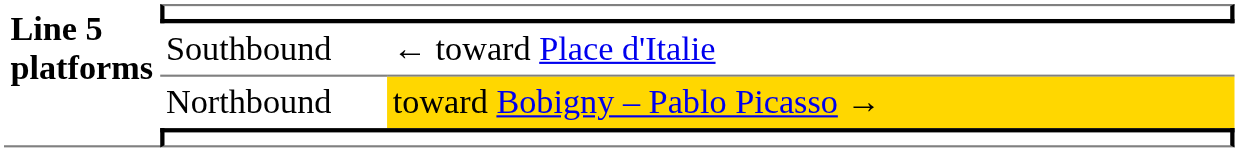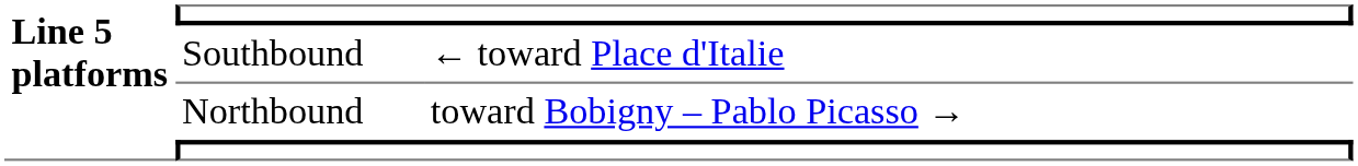 <table border=0 cellspacing=0 cellpadding=3>
 <tr>
 <td style="border-bottom:solid 1px gray;" width=50 rowspan=10 valign=top><strong>Line 5 platforms</strong></td>
 <td style="border-top:solid 1px gray;border-right:solid 2px black;border-left:solid 2px black;border-bottom:solid 2px black;text-align:center;" colspan=2></td>
 </tr>
 <tr>
 <td style="border-bottom:solid 1px gray;" width=100>Southbound</td>
 <td style="border-bottom:solid 1px gray;" width=390>←    toward <a href='#'>Place d'Italie</a> </td>
 </tr>
 <tr>
 <td>Northbound</td>
-<td style="background: gold;">    toward <a href='#'>Bobigny – Pablo Picasso</a>  →</td>
+<td>    toward <a href='#'>Bobigny – Pablo Picasso</a>  →</td>
 </tr>
 <tr>
 <td style="border-top:solid 2px black;border-right:solid 2px black;border-left:solid 2px black;border-bottom:solid 1px gray;text-align:center;" colspan=2></td>
 </tr>
 </table>
